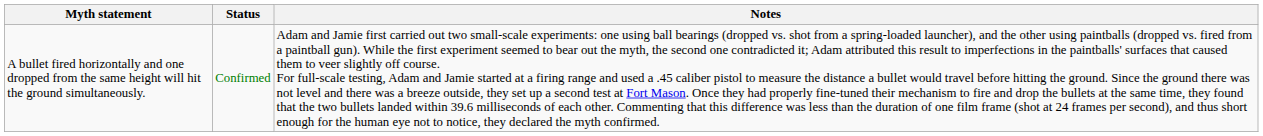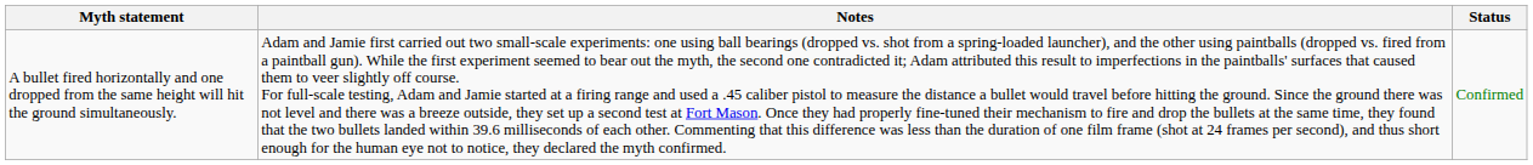 <table class="wikitable plainrowheaders">
 <tr>
 <th>Myth statement</th>
+<th>Notes</th>
 <th>Status</th>
-<th>Notes</th>
 </tr>
 <tr>
 <td>A bullet fired horizontally and one dropped from the same height will hit the ground simultaneously.</td>
+<td>Adam and Jamie first carried out two small-scale experiments: one using ball bearings (dropped vs. shot from a spring-loaded launcher), and the other using paintballs (dropped vs. fired from a paintball gun). While the first experiment seemed to bear out the myth, the second one contradicted it; Adam attributed this result to imperfections in the paintballs' surfaces that caused them to veer slightly off course.<br>For full-scale testing, Adam and Jamie started at a firing range and used a .45 caliber pistol to measure the distance a bullet would travel before hitting the ground. Since the ground there was not level and there was a breeze outside, they set up a second test at <a href='#'>Fort Mason</a>. Once they had properly fine-tuned their mechanism to fire and drop the bullets at the same time, they found that the two bullets landed within 39.6 milliseconds of each other. Commenting that this difference was less than the duration of one film frame (shot at 24 frames per second), and thus short enough for the human eye not to notice, they declared the myth confirmed.</td>
 <td style="color:green">Confirmed</td>
-<td>Adam and Jamie first carried out two small-scale experiments: one using ball bearings (dropped vs. shot from a spring-loaded launcher), and the other using paintballs (dropped vs. fired from a paintball gun). While the first experiment seemed to bear out the myth, the second one contradicted it; Adam attributed this result to imperfections in the paintballs' surfaces that caused them to veer slightly off course.<br>For full-scale testing, Adam and Jamie started at a firing range and used a .45 caliber pistol to measure the distance a bullet would travel before hitting the ground. Since the ground there was not level and there was a breeze outside, they set up a second test at <a href='#'>Fort Mason</a>. Once they had properly fine-tuned their mechanism to fire and drop the bullets at the same time, they found that the two bullets landed within 39.6 milliseconds of each other. Commenting that this difference was less than the duration of one film frame (shot at 24 frames per second), and thus short enough for the human eye not to notice, they declared the myth confirmed.</td>
 </tr>
 </table>
